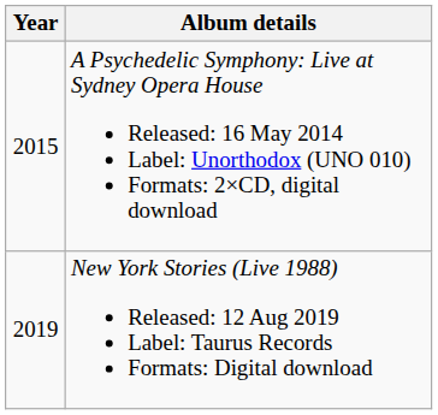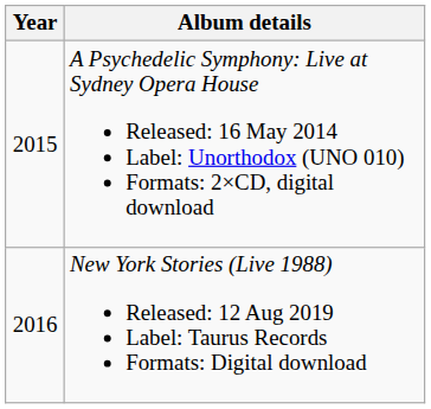 <table class="wikitable">
 <tr>
 <th style="width:35px;">Year</th>
 <th style="width:250px;">Album details</th>
 </tr>
 <tr>
 <td style="text-align:center;">2015</td>
 <td><em>A Psychedelic Symphony: Live at Sydney Opera House</em><br><ul><li>Released: 16 May 2014</li><li>Label: <a href='#'>Unorthodox</a> (UNO 010)</li><li>Formats: 2×CD, digital download</li></ul></td>
 </tr>
 <tr>
-<td style="text-align:center;">2019</td>
+<td style="text-align:center;">2016</td>
 <td><em>New York Stories (Live 1988)</em><br><ul><li>Released: 12 Aug 2019</li><li>Label: Taurus Records</li><li>Formats: Digital download</li></ul></td>
 </tr>
 </table>
